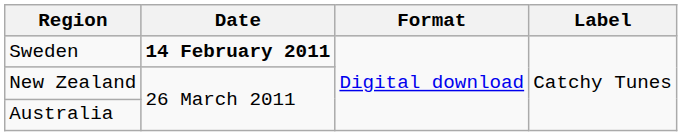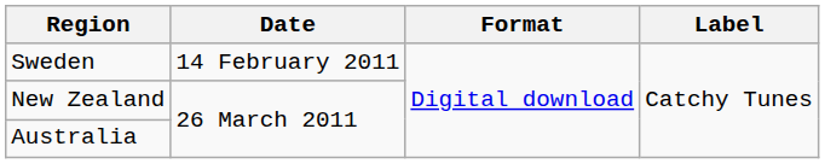 <table class="wikitable" border="1">
 <tr>
 <th scope="row">Region</th>
 <th scope="row">Date</th>
 <th scope="row">Format</th>
 <th scope="row">Label</th>
 </tr>
 <tr>
 <td rowspan="1">Sweden</td>
-<td><strong>14 February 2011</strong></td>
+<td>14 February 2011</td>
 <td rowspan="3"><a href='#'>Digital download</a></td>
 <td rowspan="3">Catchy Tunes</td>
 </tr>
 <tr>
 <td rowspan="1">New Zealand</td>
 <td rowspan="2">26 March 2011</td>
 </tr>
 <tr>
 <td>Australia</td>
 </tr>
 </table>
